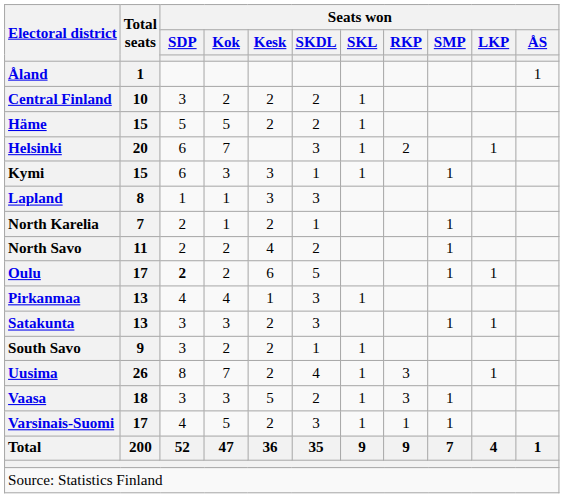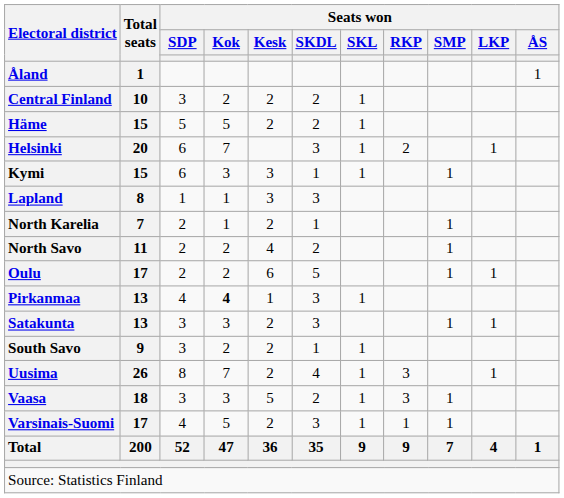 <table class="wikitable" style="text-align:center; font-size: 0.9em;">
 <tr>
 <th rowspan="3"><a href='#'>Electoral district</a></th>
 <th rowspan="3">Total<br>seats</th>
 <th colspan="9">Seats won</th>
 </tr>
 <tr>
 <th class="unsortable" style="width:35px;"><a href='#'>SDP</a></th>
 <th class="unsortable" style="width:35px;"><a href='#'>Kok</a></th>
 <th class="unsortable" style="width:35px;"><a href='#'>Kesk</a></th>
 <th class="unsortable" style="width:35px;"><a href='#'>SKDL</a></th>
 <th class="unsortable" style="width:35px;"><a href='#'>SKL</a></th>
 <th class="unsortable" style="width:35px;"><a href='#'>RKP</a></th>
 <th class="unsortable" style="width:35px;"><a href='#'>SMP</a></th>
 <th class="unsortable" style="width:35px;"><a href='#'>LKP</a></th>
 <th class="unsortable" style="width:35px;"><a href='#'>ÅS</a></th>
 </tr>
 <tr>
 <th style="background:"></th>
 <th style="background:"></th>
 <th style="background:"></th>
 <th style="background:"></th>
 <th style="background:"></th>
 <th style="background:"></th>
 <th style="background:"></th>
 <th style="background:"></th>
 <th style="background:"></th>
 </tr>
 <tr>
 <th style="text-align: left;"><a href='#'>Åland</a></th>
 <th>1</th>
 <td></td>
 <td></td>
 <td></td>
 <td></td>
 <td></td>
 <td></td>
 <td></td>
 <td></td>
 <td>1</td>
 </tr>
 <tr>
 <th style="text-align: left;"><a href='#'>Central Finland</a></th>
 <th>10</th>
 <td>3</td>
 <td>2</td>
 <td>2</td>
 <td>2</td>
 <td>1</td>
 <td></td>
 <td></td>
 <td></td>
 <td></td>
 </tr>
 <tr>
 <th style="text-align: left;"><a href='#'>Häme</a></th>
 <th>15</th>
 <td>5</td>
 <td>5</td>
 <td>2</td>
 <td>2</td>
 <td>1</td>
 <td></td>
 <td></td>
 <td></td>
 <td></td>
 </tr>
 <tr>
 <th style="text-align: left;"><a href='#'>Helsinki</a></th>
 <th>20</th>
 <td>6</td>
 <td>7</td>
 <td></td>
 <td>3</td>
 <td>1</td>
 <td>2</td>
 <td></td>
 <td>1</td>
 <td></td>
 </tr>
 <tr>
 <th style="text-align: left;">Kymi</th>
 <th>15</th>
 <td>6</td>
 <td>3</td>
 <td>3</td>
 <td>1</td>
 <td>1</td>
 <td></td>
 <td>1</td>
 <td></td>
 <td></td>
 </tr>
 <tr>
 <th style="text-align: left;"><a href='#'>Lapland</a></th>
 <th>8</th>
 <td>1</td>
 <td>1</td>
 <td>3</td>
 <td>3</td>
 <td></td>
 <td></td>
 <td></td>
 <td></td>
 <td></td>
 </tr>
 <tr>
 <th style="text-align: left;">North Karelia</th>
 <th>7</th>
 <td>2</td>
 <td>1</td>
 <td>2</td>
 <td>1</td>
 <td></td>
 <td></td>
 <td>1</td>
 <td></td>
 <td></td>
 </tr>
 <tr>
 <th style="text-align: left;">North Savo</th>
 <th>11</th>
 <td>2</td>
 <td>2</td>
 <td>4</td>
 <td>2</td>
 <td></td>
 <td></td>
 <td>1</td>
 <td></td>
 <td></td>
 </tr>
 <tr>
 <th style="text-align: left;"><a href='#'>Oulu</a></th>
 <th>17</th>
-<td><strong>2</strong></td>
+<td>2</td>
 <td>2</td>
 <td>6</td>
 <td>5</td>
 <td></td>
 <td></td>
 <td>1</td>
 <td>1</td>
 <td></td>
 </tr>
 <tr>
 <th style="text-align: left;"><a href='#'>Pirkanmaa</a></th>
 <th>13</th>
 <td>4</td>
-<td>4</td>
+<td><strong>4</strong></td>
 <td>1</td>
 <td>3</td>
 <td>1</td>
 <td></td>
 <td></td>
 <td></td>
 <td></td>
 </tr>
 <tr>
 <th style="text-align: left;"><a href='#'>Satakunta</a></th>
 <th>13</th>
 <td>3</td>
 <td>3</td>
 <td>2</td>
 <td>3</td>
 <td></td>
 <td></td>
 <td>1</td>
 <td>1</td>
 <td></td>
 </tr>
 <tr>
 <th style="text-align: left;">South Savo</th>
 <th>9</th>
 <td>3</td>
 <td>2</td>
 <td>2</td>
 <td>1</td>
 <td>1</td>
 <td></td>
 <td></td>
 <td></td>
 <td></td>
 </tr>
 <tr>
 <th style="text-align: left;"><a href='#'>Uusima</a></th>
 <th>26</th>
 <td>8</td>
 <td>7</td>
 <td>2</td>
 <td>4</td>
 <td>1</td>
 <td>3</td>
 <td></td>
 <td>1</td>
 <td></td>
 </tr>
 <tr>
 <th style="text-align: left;"><a href='#'>Vaasa</a></th>
 <th>18</th>
 <td>3</td>
 <td>3</td>
 <td>5</td>
 <td>2</td>
 <td>1</td>
 <td>3</td>
 <td>1</td>
 <td></td>
 <td></td>
 </tr>
 <tr>
 <th style="text-align: left;"><a href='#'>Varsinais-Suomi</a></th>
 <th>17</th>
 <td>4</td>
 <td>5</td>
 <td>2</td>
 <td>3</td>
 <td>1</td>
 <td>1</td>
 <td>1</td>
 <td></td>
 <td></td>
 </tr>
 <tr class="sortbottom">
 <th style="text-align: left;">Total</th>
 <th>200</th>
 <th>52</th>
 <th>47</th>
 <th>36</th>
 <th>35</th>
 <th>9</th>
 <th>9</th>
 <th>7</th>
 <th>4</th>
 <th>1</th>
 </tr>
 <tr>
 <th colspan="11"></th>
 </tr>
 <tr>
 <td colspan="11" align=left>Source: Statistics Finland</td>
 </tr>
 </table>
